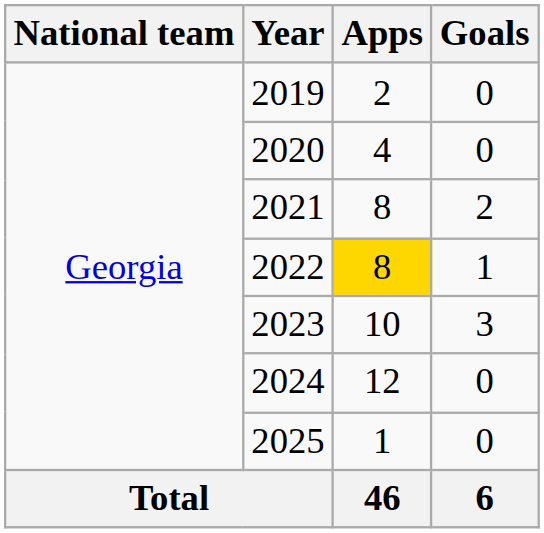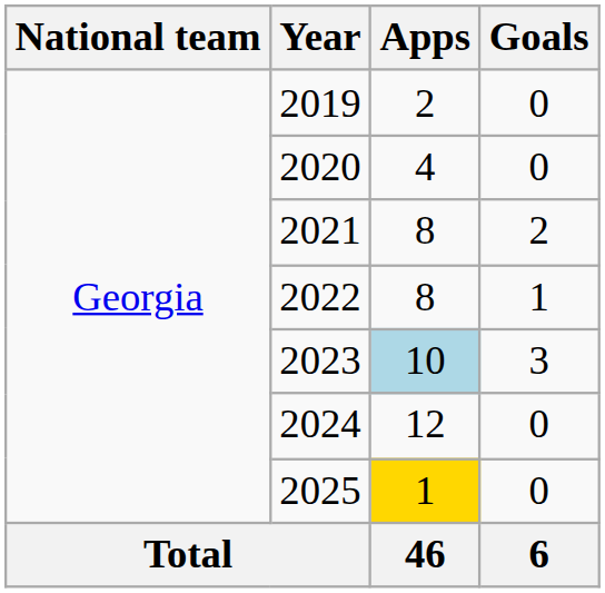 <table class="wikitable" style="text-align:center">
 <tr>
 <th>National team</th>
 <th>Year</th>
 <th>Apps</th>
 <th>Goals</th>
 </tr>
 <tr>
 <td rowspan="7"><a href='#'>Georgia</a></td>
 <td>2019</td>
 <td>2</td>
 <td>0</td>
 </tr>
 <tr>
 <td>2020</td>
 <td>4</td>
 <td>0</td>
 </tr>
 <tr>
 <td>2021</td>
 <td>8</td>
 <td>2</td>
 </tr>
 <tr>
 <td>2022</td>
-<td style="background: gold;">8</td>
+<td>8</td>
 <td>1</td>
 </tr>
 <tr>
 <td>2023</td>
-<td>10</td>
+<td style="background: lightblue;">10</td>
 <td>3</td>
 </tr>
 <tr>
 <td>2024</td>
 <td>12</td>
 <td>0</td>
 </tr>
 <tr>
 <td>2025</td>
-<td>1</td>
+<td style="background: gold;">1</td>
 <td>0</td>
 </tr>
 <tr>
 <th colspan="2">Total</th>
 <th>46</th>
 <th>6</th>
 </tr>
 </table>
